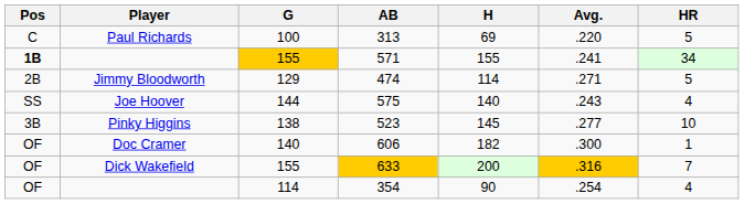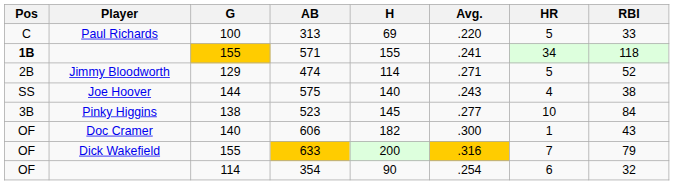 <table class="wikitable sortable">
 <tr>
 <th bgcolor="#DDDDFF" width="5%">Pos</th>
 <th bgcolor="#DDDDFF" width="16%">Player</th>
 <th bgcolor="#DDDDFF" width="9%">G</th>
 <th bgcolor="#DDDDFF" width="9%">AB</th>
 <th bgcolor="#DDDDFF" width="9%">H</th>
 <th bgcolor="#DDDDFF" width="9%">Avg.</th>
 <th bgcolor="#DDDDFF" width="9%">HR</th>
+<th bgcolor="#DDDDFF" width="9%">RBI</th>
 </tr>
 <tr align="center">
 <td>C</td>
 <td><a href='#'>Paul Richards</a></td>
 <td>100</td>
 <td>313</td>
 <td>69</td>
 <td>.220</td>
 <td>5</td>
+<td>33</td>
 </tr>
 <tr align="center">
 <td><strong>1B</strong></td>
 <td></td>
 <td style="background:#fc0;">155</td>
 <td>571</td>
 <td>155</td>
 <td>.241</td>
 <td style="background:#DDFFDD;">34</td>
+<td style="background:#DDFFDD;">118</td>
 </tr>
 <tr align="center">
 <td>2B</td>
 <td><a href='#'>Jimmy Bloodworth</a></td>
 <td>129</td>
 <td>474</td>
 <td>114</td>
 <td>.271</td>
 <td>5</td>
+<td>52</td>
 </tr>
 <tr align="center">
 <td>SS</td>
 <td><a href='#'>Joe Hoover</a></td>
 <td>144</td>
 <td>575</td>
 <td>140</td>
 <td>.243</td>
 <td>4</td>
+<td>38</td>
 </tr>
 <tr align="center">
 <td>3B</td>
 <td><a href='#'>Pinky Higgins</a></td>
 <td>138</td>
 <td>523</td>
 <td>145</td>
 <td>.277</td>
 <td>10</td>
+<td>84</td>
 </tr>
 <tr align="center">
 <td>OF</td>
 <td><a href='#'>Doc Cramer</a></td>
 <td>140</td>
 <td>606</td>
 <td>182</td>
 <td>.300</td>
 <td>1</td>
+<td>43</td>
 </tr>
 <tr align="center">
 <td>OF</td>
 <td><a href='#'>Dick Wakefield</a></td>
 <td>155</td>
 <td style="background:#fc0;">633</td>
 <td style="background:#DDFFDD;">200</td>
 <td style="background:#fc0;">.316</td>
 <td>7</td>
+<td>79</td>
 </tr>
 <tr align="center">
 <td>OF</td>
 <td></td>
 <td>114</td>
 <td>354</td>
 <td>90</td>
 <td>.254</td>
-<td>4</td>
+<td>6</td>
+<td>32</td>
 </tr>
 </table>
